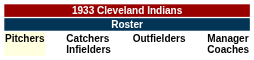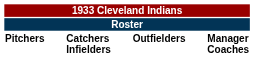 <table class="toccolours" style="font-size: 95%;">
 <tr>
 <th colspan="10" style="background-color: #990000; color: white; text-align: center;">1933 Cleveland Indians</th>
 </tr>
 <tr>
 <td colspan="10" style="background-color: #023456; color: white; text-align: center;"><strong>Roster</strong></td>
 </tr>
 <tr>
-<td valign="top" style="background: lightyellow;"><strong>Pitchers</strong><br>         </td>
+<td valign="top"><strong>Pitchers</strong><br>         </td>
 <td width="25px"></td>
 <td valign="top"><strong>Catchers</strong><br>   <strong>Infielders</strong>        </td>
 <td width="25px"></td>
 <td valign="top"><strong>Outfielders</strong><br>     </td>
 <td width="25px"></td>
 <td valign="top"><strong>Manager</strong><br>  <strong>Coaches</strong>   </td>
 </tr>
 </table>
